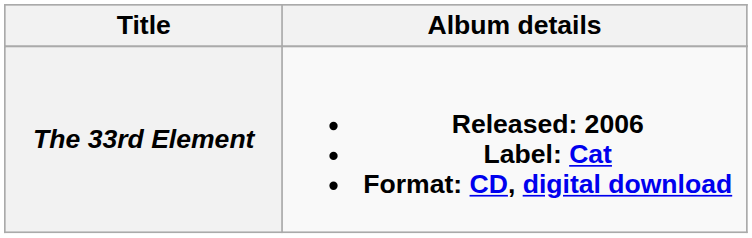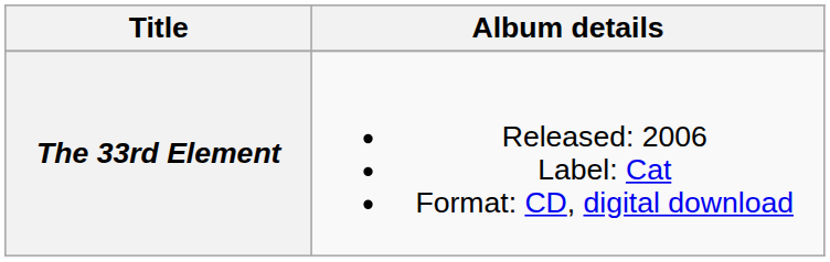 <table class="wikitable plainrowheaders" style="text-align:center;">
 <tr>
 <th scope="col" rowspan="1" style="width:10em;">Title</th>
 <th scope="col" rowspan="1" style="width:17em;">Album details</th>
 </tr>
 <tr>
 </tr>
 <tr>
 <th scope="row"><em>The 33rd Element</em></th>
-<td><strong><br><ul><li>Released: 2006</li><li>Label: <a href='#'>Cat</a></li><li>Format: <a href='#'>CD</a>, <a href='#'>digital download</a></li></ul></strong></td>
+<td><br><ul><li>Released: 2006</li><li>Label: <a href='#'>Cat</a></li><li>Format: <a href='#'>CD</a>, <a href='#'>digital download</a></li></ul></td>
 </tr>
 </table>
